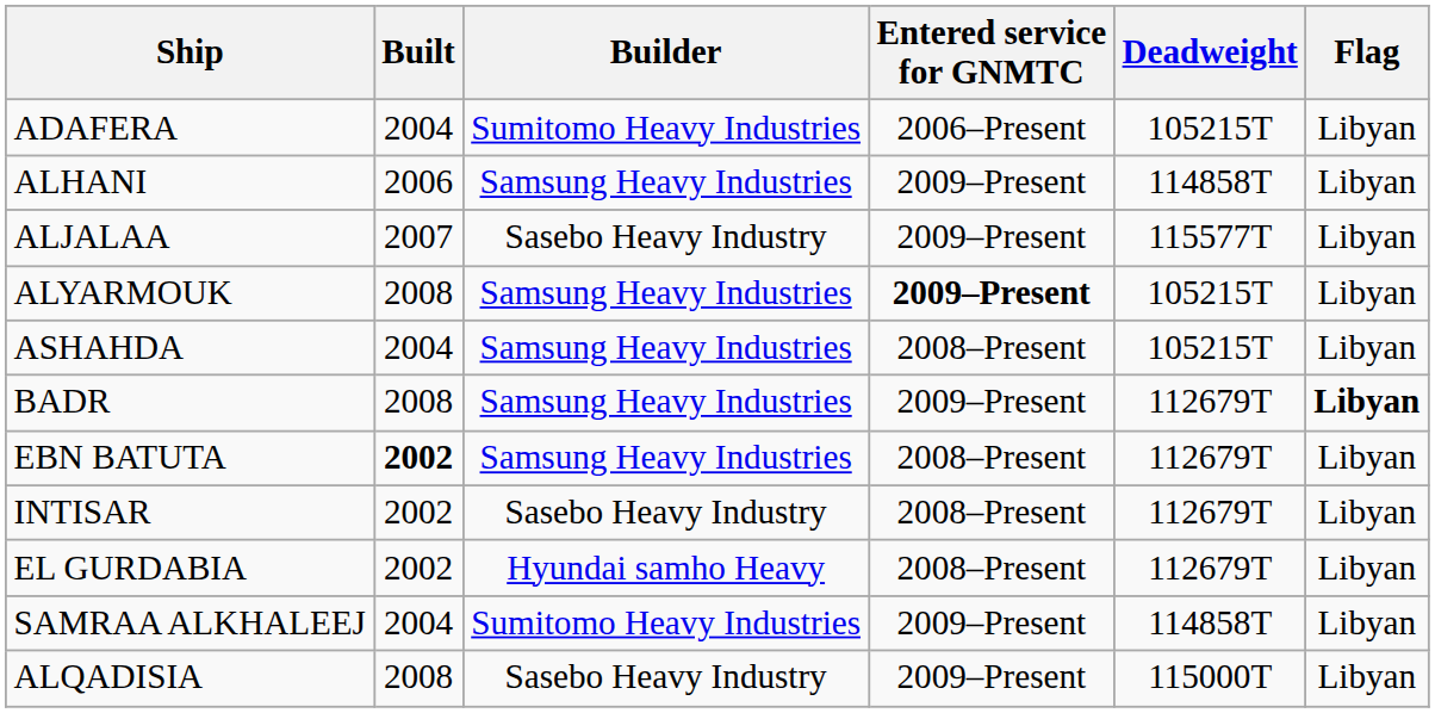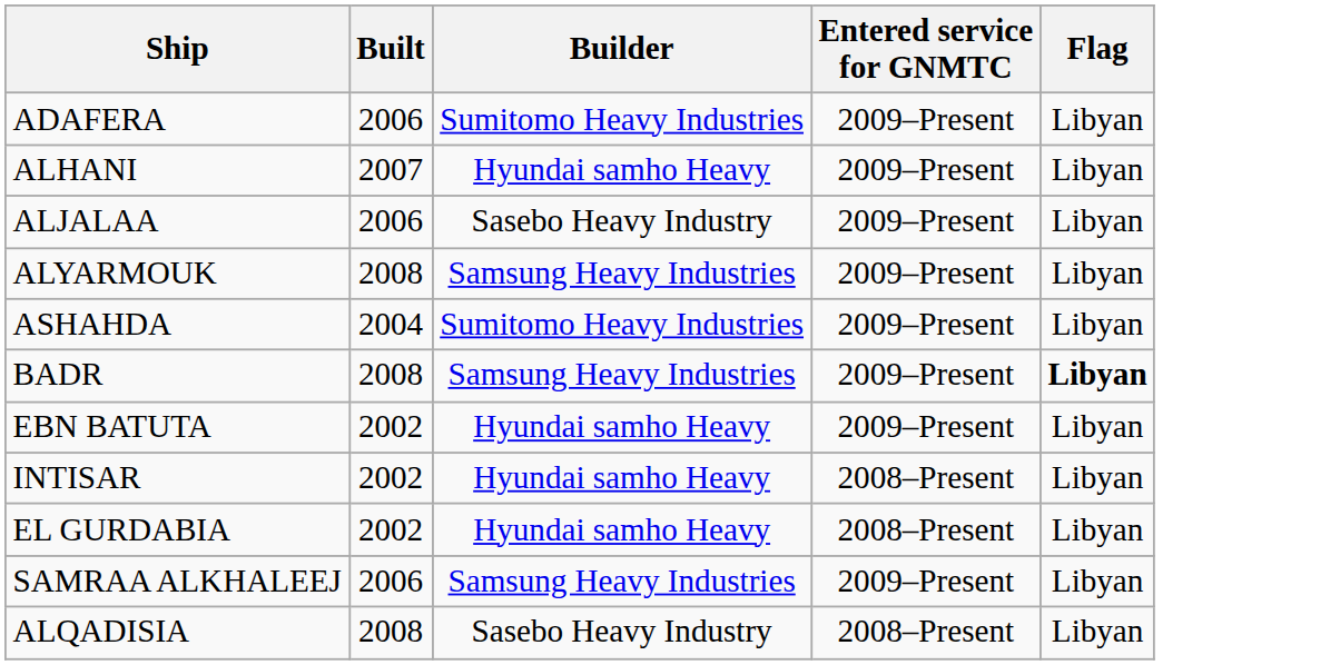 <table class="wikitable">
 <tr>
 <th>Ship</th>
 <th>Built</th>
 <th>Builder</th>
 <th>Entered service <br>for GNMTC</th>
-<th><a href='#'>Deadweight</a></th>
 <th>Flag</th>
 </tr>
 <tr>
 <td>ADAFERA</td>
-<td align="Center">2004</td>
+<td align="Center">2006</td>
 <td align="Center"><a href='#'>Sumitomo Heavy Industries</a></td>
-<td align="Center">2006–Present</td>
-<td align="Center">105215T</td>
+<td align="Center">2009–Present</td>
 <td align="Center">Libyan</td>
 </tr>
 <tr>
 <td>ALHANI</td>
-<td align="Center">2006</td>
-<td align="Center"><a href='#'>Samsung Heavy Industries</a></td>
+<td align="Center">2007</td>
+<td align="Center"><a href='#'>Hyundai samho Heavy</a></td>
 <td align="Center">2009–Present</td>
-<td align="Center">114858T</td>
 <td align="Center">Libyan</td>
 </tr>
 <tr>
 <td>ALJALAA</td>
-<td align="Center">2007</td>
+<td align="Center">2006</td>
 <td align="Center">Sasebo Heavy Industry</td>
 <td align="Center">2009–Present</td>
-<td align="Center">115577T</td>
 <td align="Center">Libyan</td>
 </tr>
 <tr>
 <td>ALYARMOUK</td>
 <td align="Center">2008</td>
 <td align="Center"><a href='#'>Samsung Heavy Industries</a></td>
-<td align="Center"><strong>2009–Present</strong></td>
-<td align="Center">105215T</td>
+<td align="Center">2009–Present</td>
 <td align="Center">Libyan</td>
 </tr>
 <tr>
 <td>ASHAHDA</td>
 <td align="Center">2004</td>
-<td align="Center"><a href='#'>Samsung Heavy Industries</a></td>
-<td align="Center">2008–Present</td>
-<td align="Center">105215T</td>
+<td align="Center"><a href='#'>Sumitomo Heavy Industries</a></td>
+<td align="Center">2009–Present</td>
 <td align="Center">Libyan</td>
 </tr>
 <tr>
 <td>BADR</td>
 <td align="Center">2008</td>
 <td align="Center"><a href='#'>Samsung Heavy Industries</a></td>
 <td align="Center">2009–Present</td>
-<td align="Center">112679T</td>
 <td align="Center"><strong>Libyan</strong></td>
 </tr>
 <tr>
 <td>EBN BATUTA</td>
-<td align="Center"><strong>2002</strong></td>
-<td align="Center"><a href='#'>Samsung Heavy Industries</a></td>
-<td align="Center">2008–Present</td>
-<td align="Center">112679T</td>
+<td align="Center">2002</td>
+<td align="Center"><a href='#'>Hyundai samho Heavy</a></td>
+<td align="Center">2009–Present</td>
 <td align="Center">Libyan</td>
 </tr>
 <tr>
 <td>INTISAR</td>
 <td align="Center">2002</td>
-<td align="Center">Sasebo Heavy Industry</td>
+<td align="Center"><a href='#'>Hyundai samho Heavy</a></td>
 <td align="Center">2008–Present</td>
-<td align="Center">112679T</td>
 <td align="Center">Libyan</td>
 </tr>
 <tr>
 <td>EL GURDABIA</td>
 <td align="Center">2002</td>
 <td align="Center"><a href='#'>Hyundai samho Heavy</a></td>
 <td align="Center">2008–Present</td>
-<td align="Center">112679T</td>
 <td align="Center">Libyan</td>
 </tr>
 <tr>
 <td>SAMRAA ALKHALEEJ</td>
-<td align="Center">2004</td>
-<td align="Center"><a href='#'>Sumitomo Heavy Industries</a></td>
+<td align="Center">2006</td>
+<td align="Center"><a href='#'>Samsung Heavy Industries</a></td>
 <td align="Center">2009–Present</td>
-<td align="Center">114858T</td>
 <td align="Center">Libyan</td>
 </tr>
 <tr>
 <td>ALQADISIA</td>
 <td align="Center">2008</td>
 <td align="Center">Sasebo Heavy Industry</td>
-<td align="Center">2009–Present</td>
-<td align="Center">115000T</td>
+<td align="Center">2008–Present</td>
 <td align="Center">Libyan</td>
 </tr>
 </table>
